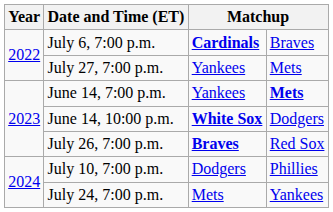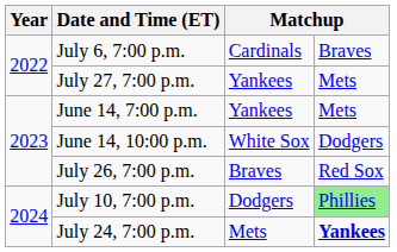 <table class="wikitable">
 <tr>
 <th>Year</th>
 <th>Date and Time (ET)</th>
 <th colspan="2">Matchup</th>
 </tr>
 <tr>
 <td rowspan=2><a href='#'>2022</a></td>
 <td>July 6, 7:00 p.m.</td>
-<td><strong><a href='#'>Cardinals</a></strong></td>
+<td><a href='#'>Cardinals</a></td>
 <td><a href='#'>Braves</a></td>
 </tr>
 <tr>
 <td>July 27, 7:00 p.m.</td>
 <td><a href='#'>Yankees</a></td>
 <td><a href='#'>Mets</a></td>
 </tr>
 <tr>
 <td rowspan=3><a href='#'>2023</a></td>
 <td>June 14, 7:00 p.m.</td>
 <td><a href='#'>Yankees</a></td>
-<td><strong><a href='#'>Mets</a></strong></td>
+<td><a href='#'>Mets</a></td>
 </tr>
 <tr>
 <td>June 14, 10:00 p.m.</td>
-<td><strong><a href='#'>White Sox</a></strong></td>
+<td><a href='#'>White Sox</a></td>
 <td><a href='#'>Dodgers</a></td>
 </tr>
 <tr>
 <td>July 26, 7:00 p.m.</td>
-<td><strong><a href='#'>Braves</a></strong></td>
+<td><a href='#'>Braves</a></td>
 <td><a href='#'>Red Sox</a></td>
 </tr>
 <tr>
 <td rowspan=2><a href='#'>2024</a></td>
 <td>July 10, 7:00 p.m.</td>
 <td><a href='#'>Dodgers</a></td>
-<td><a href='#'>Phillies</a></td>
+<td style="background: lightgreen;"><a href='#'>Phillies</a></td>
 </tr>
 <tr>
 <td>July 24, 7:00 p.m.</td>
 <td><a href='#'>Mets</a></td>
-<td><a href='#'>Yankees</a></td>
+<td><strong><a href='#'>Yankees</a></strong></td>
 </tr>
 </table>
